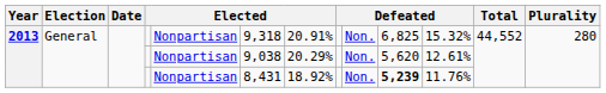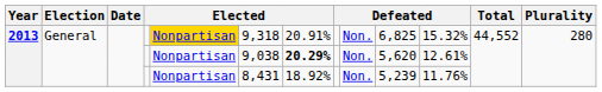 <table class="wikitable">
 <tr>
 <th>Year</th>
 <th>Election</th>
 <th>Date</th>
 <th colspan="4">Elected</th>
 <th colspan="4">Defeated</th>
 <th>Total</th>
 <th>Plurality</th>
 </tr>
 <tr>
 <th rowspan="3" valign="top"><a href='#'>2013</a></th>
 <td rowspan="3" valign="top">General</td>
 <td rowspan="3" valign="top"></td>
 <td valign="top"></td>
-<td valign="top" ><a href='#'>Nonpartisan</a></td>
+<td valign="top"  style="background: gold;"><a href='#'>Nonpartisan</a></td>
 <td align="right" valign="top">9,318</td>
 <td align="right" valign="top">20.91%</td>
 <td valign="top"></td>
 <td valign="top" ><a href='#'>Non.</a></td>
 <td align="right" valign="top">6,825</td>
 <td align="right" valign="top">15.32%</td>
 <td rowspan="3" align="right" valign="top">44,552</td>
 <td rowspan="3" align="right" valign="top">280</td>
 </tr>
 <tr>
 <td></td>
 <td valign="top" ><a href='#'>Nonpartisan</a></td>
 <td align="right" valign="top">9,038</td>
-<td align="right" valign="top">20.29%</td>
+<td align="right" valign="top"><strong>20.29%</strong></td>
 <td></td>
 <td valign="top" ><a href='#'>Non.</a></td>
 <td align="right" valign="top">5,620</td>
 <td align="right" valign="top">12.61%</td>
 </tr>
 <tr>
 <td></td>
 <td valign="top" ><a href='#'>Nonpartisan</a></td>
 <td align="right" valign="top">8,431</td>
 <td align="right" valign="top">18.92%</td>
 <td></td>
 <td valign="top" ><a href='#'>Non.</a></td>
-<td align="right" valign="top"><strong>5,239</strong></td>
+<td align="right" valign="top">5,239</td>
 <td align="right" valign="top">11.76%</td>
 </tr>
 </table>
